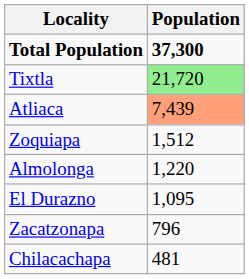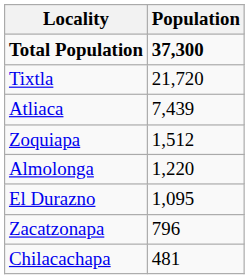 <table class="wikitable">
 <tr style="background:#efefef;">
 <th><strong>Locality</strong></th>
 <th><strong>Population</strong></th>
 </tr>
 <tr>
 <td><strong>Total Population</strong></td>
 <td><strong>37,300</strong></td>
 </tr>
 <tr>
 <td><a href='#'>Tixtla</a></td>
-<td style="background: lightgreen;">21,720</td>
+<td>21,720</td>
 </tr>
 <tr>
 <td><a href='#'>Atliaca</a></td>
-<td style="background: lightsalmon;">7,439</td>
+<td>7,439</td>
 </tr>
 <tr>
 <td><a href='#'>Zoquiapa</a></td>
 <td>1,512</td>
 </tr>
 <tr>
 <td><a href='#'>Almolonga</a></td>
 <td>1,220</td>
 </tr>
 <tr>
 <td><a href='#'>El Durazno</a></td>
 <td>1,095</td>
 </tr>
 <tr>
 <td><a href='#'>Zacatzonapa</a></td>
 <td>796</td>
 </tr>
 <tr>
 <td><a href='#'>Chilacachapa</a></td>
 <td>481</td>
 </tr>
 </table>
